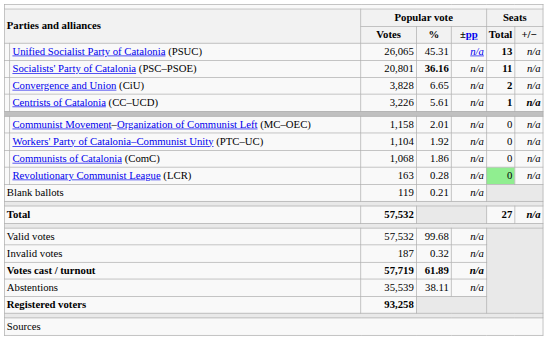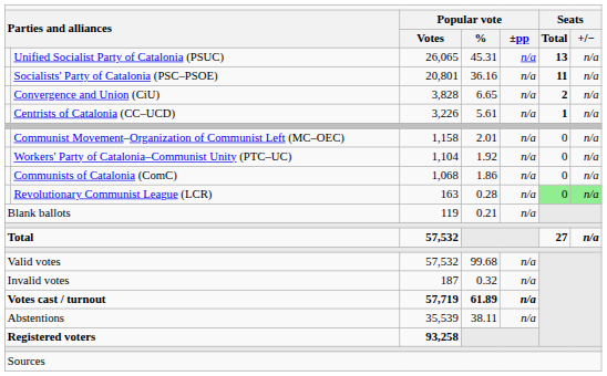 <table class="wikitable" style="text-align:right;">
 <tr>
 <td colspan="7"></td>
 </tr>
 <tr>
 <th style="text-align:left;" rowspan="2" colspan="2" width="525">Parties and alliances</th>
 <th colspan="3">Popular vote</th>
 <th colspan="2">Seats</th>
 </tr>
 <tr>
 <th width="75">Votes</th>
 <th width="45">%</th>
 <th width="45">±<a href='#'>pp</a></th>
 <th width="35">Total</th>
 <th width="35">+/−</th>
 </tr>
 <tr>
 <td width="1" style="color:inherit;background:"></td>
 <td align="left"><a href='#'>Unified Socialist Party of Catalonia</a> (PSUC)</td>
 <td>26,065</td>
 <td>45.31</td>
 <td><em><a href='#'>n/a</a></em></td>
 <td><strong>13</strong></td>
 <td><em>n/a</em></td>
 </tr>
 <tr>
 <td style="color:inherit;background:"></td>
 <td align="left"><a href='#'>Socialists' Party of Catalonia</a> (PSC–PSOE)</td>
 <td>20,801</td>
-<td><strong>36.16</strong></td>
+<td>36.16</td>
 <td><em>n/a</em></td>
 <td><strong>11</strong></td>
 <td><em>n/a</em></td>
 </tr>
 <tr>
 <td style="color:inherit;background:"></td>
 <td align="left"><a href='#'>Convergence and Union</a> (CiU)</td>
 <td>3,828</td>
 <td>6.65</td>
 <td><em>n/a</em></td>
 <td><strong>2</strong></td>
 <td><em>n/a</em></td>
 </tr>
 <tr>
 <td style="color:inherit;background:"></td>
 <td align="left"><a href='#'>Centrists of Catalonia</a> (CC–UCD)</td>
 <td>3,226</td>
 <td>5.61</td>
 <td><em>n/a</em></td>
 <td><strong>1</strong></td>
-<td><strong><em>n/a</em></strong></td>
+<td><em>n/a</em></td>
 </tr>
 <tr>
 <td colspan="7" style="color:inherit;background:#C0C0C0"></td>
 </tr>
 <tr>
 <td style="color:inherit;background:"></td>
 <td align="left"><a href='#'>Communist Movement</a>–<a href='#'>Organization of Communist Left</a> (MC–OEC)</td>
 <td>1,158</td>
 <td>2.01</td>
 <td><em>n/a</em></td>
 <td>0</td>
 <td><em>n/a</em></td>
 </tr>
 <tr>
 <td style="color:inherit;background:"></td>
 <td align="left"><a href='#'>Workers' Party of Catalonia–Communist Unity</a> (PTC–UC)</td>
 <td>1,104</td>
 <td>1.92</td>
 <td><em>n/a</em></td>
 <td>0</td>
 <td><em>n/a</em></td>
 </tr>
 <tr>
 <td style="color:inherit;background:"></td>
 <td align="left"><a href='#'>Communists of Catalonia</a> (ComC)</td>
 <td>1,068</td>
 <td>1.86</td>
 <td><em>n/a</em></td>
 <td>0</td>
 <td><em>n/a</em></td>
 </tr>
 <tr>
 <td style="color:inherit;background:"></td>
 <td align="left"><a href='#'>Revolutionary Communist League</a> (LCR)</td>
 <td>163</td>
 <td>0.28</td>
 <td><em>n/a</em></td>
 <td style="background: lightgreen;">0</td>
-<td><em>n/a</em></td>
+<td style="background: lightgreen;"><em>n/a</em></td>
 </tr>
 <tr>
 <td align="left" colspan="2">Blank ballots</td>
 <td>119</td>
 <td>0.21</td>
 <td><em>n/a</em></td>
 <td style="color:inherit;background:#E9E9E9" colspan="2"></td>
 </tr>
 <tr>
 <td colspan="7" style="color:inherit;background:#E9E9E9"></td>
 </tr>
 <tr style="font-weight:bold;">
 <td align="left" colspan="2">Total</td>
 <td>57,532</td>
 <td bgcolor="#E9E9E9" colspan="2"></td>
 <td>27</td>
 <td><em>n/a</em></td>
 </tr>
 <tr>
 <td colspan="7" style="color:inherit;background:#E9E9E9"></td>
 </tr>
 <tr>
 <td align="left" colspan="2">Valid votes</td>
 <td>57,532</td>
 <td>99.68</td>
 <td><em>n/a</em></td>
 <td bgcolor="#E9E9E9" colspan="2" rowspan="5"></td>
 </tr>
 <tr>
 <td align="left" colspan="2">Invalid votes</td>
 <td>187</td>
 <td>0.32</td>
 <td><em>n/a</em></td>
 </tr>
 <tr style="font-weight:bold;">
 <td align="left" colspan="2">Votes cast / turnout</td>
 <td>57,719</td>
 <td>61.89</td>
 <td><em>n/a</em></td>
 </tr>
 <tr>
 <td align="left" colspan="2">Abstentions</td>
 <td>35,539</td>
 <td>38.11</td>
 <td><em>n/a</em></td>
 </tr>
 <tr style="font-weight:bold;">
 <td align="left" colspan="2">Registered voters</td>
 <td>93,258</td>
 <td bgcolor="#E9E9E9" colspan="2"></td>
 </tr>
 <tr>
 <td colspan="7" style="color:inherit;background:#E9E9E9"></td>
 </tr>
 <tr>
 <td align="left" colspan="7">Sources</td>
 </tr>
 </table>
